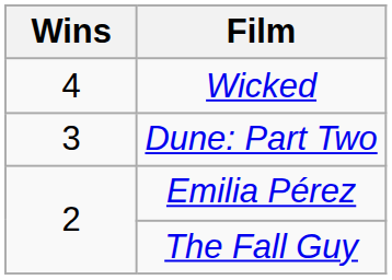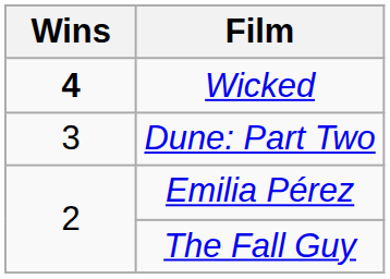 <table class="wikitable" rowspan="2" style="text-align:center" background: #f6e39c;>
 <tr>
 <th scope="col" style="width:55px;">Wins</th>
 <th scope="col" style="text-align:center;">Film</th>
 </tr>
 <tr>
-<td rowspan="1" style="text-align:center">4</td>
+<td rowspan="1" style="text-align:center"><strong>4</strong></td>
 <td><em><a href='#'>Wicked</a></em></td>
 </tr>
 <tr>
 <td rowspan="1" style="text-align:center">3</td>
 <td><em><a href='#'>Dune: Part Two</a></em></td>
 </tr>
 <tr>
 <td rowspan="2" style="text-align:center">2</td>
 <td><em><a href='#'>Emilia Pérez</a></em></td>
 </tr>
 <tr>
 <td><em><a href='#'>The Fall Guy</a></em></td>
 </tr>
 </table>
